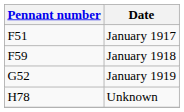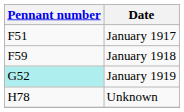 <table class="wikitable" style="text-align:left">
 <tr>
 <th scope="col"><a href='#'>Pennant number</a></th>
 <th>Date</th>
 </tr>
 <tr>
 <td>F51</td>
 <td>January 1917</td>
 </tr>
 <tr>
 <td>F59</td>
 <td>January 1918</td>
 </tr>
 <tr>
-<td>G52</td>
+<td style="background: paleturquoise;">G52</td>
 <td>January 1919</td>
 </tr>
 <tr>
 <td>H78</td>
 <td>Unknown</td>
 </tr>
 <tr>
 </tr>
 </table>
